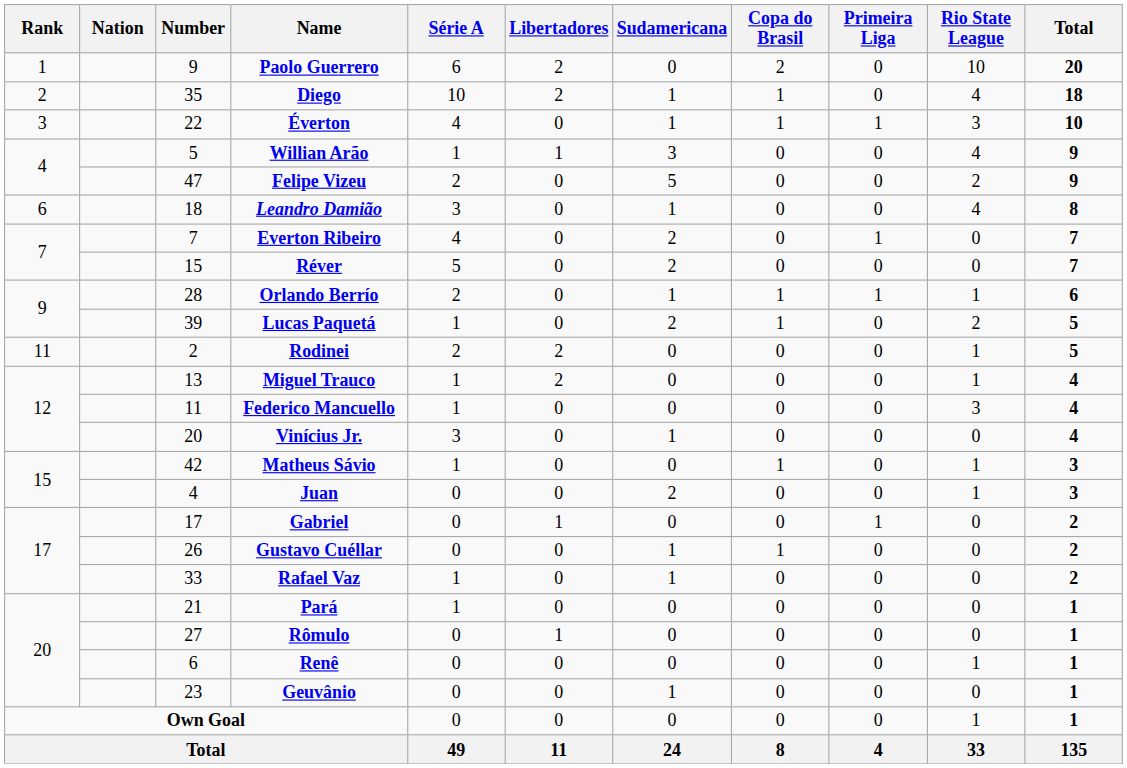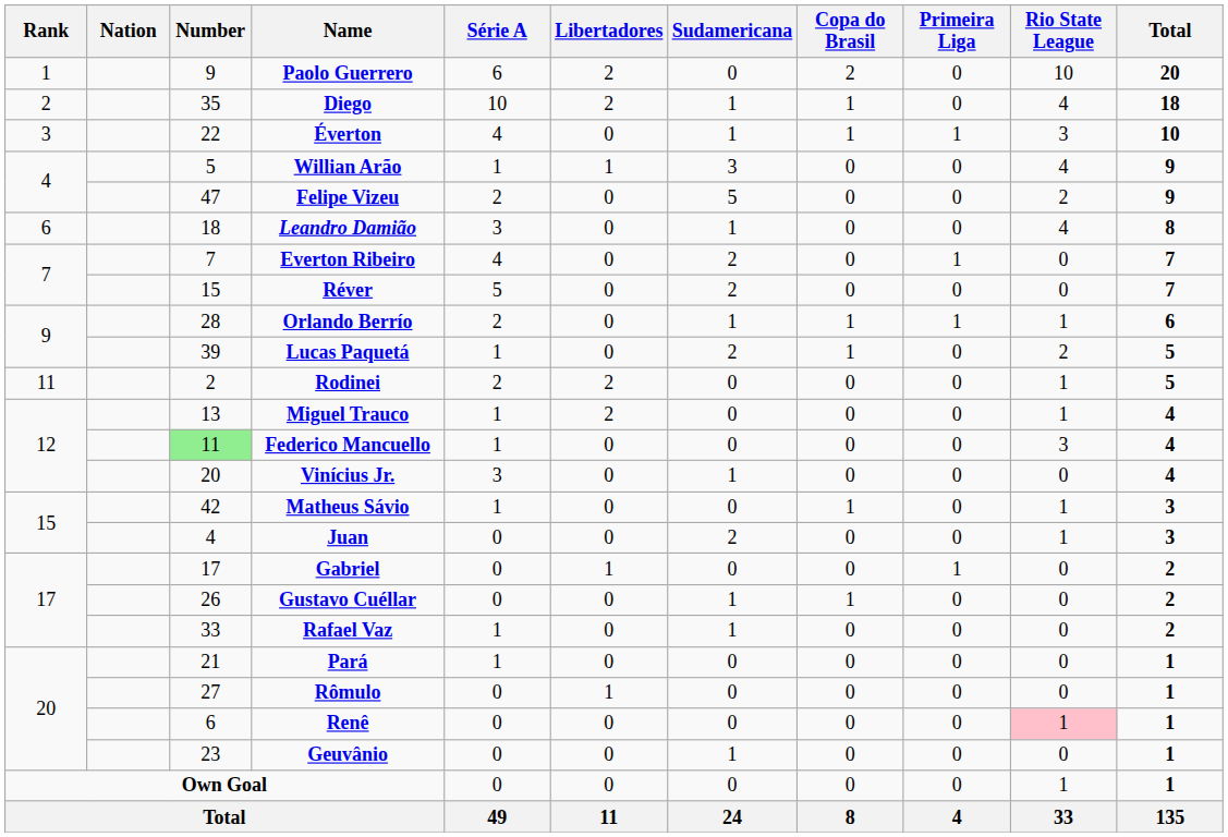 <table class="wikitable plainrowheaders sortable" style="text-align:center">
 <tr>
 <th scope="col" ! style="width:60px;">Rank</th>
 <th scope="col" ! style="width:60px;">Nation</th>
 <th scope="col" ! style="width:60px;">Number</th>
 <th scope="col" ! style="width:150px;">Name</th>
 <th scope="col" ! style="width:80px;"><a href='#'>Série A</a></th>
 <th scope="col" ! style="width:80px;"><a href='#'>Libertadores</a></th>
 <th scope="col" ! style="width:80px;"><a href='#'>Sudamericana</a></th>
 <th scope="col" ! style="width:80px;"><a href='#'>Copa do Brasil</a></th>
 <th scope="col" ! style="width:80px;"><a href='#'>Primeira Liga</a></th>
 <th scope="col" ! style="width:80px;"><a href='#'>Rio State League</a></th>
 <th scope="col" ! style="width:80px;">Total</th>
 </tr>
 <tr>
 <td>1</td>
 <td></td>
 <td>9</td>
 <td><strong><a href='#'>Paolo Guerrero</a></strong></td>
 <td>6</td>
 <td>2</td>
 <td>0</td>
 <td>2</td>
 <td>0</td>
 <td>10</td>
 <td><strong>20</strong></td>
 </tr>
 <tr>
 <td>2</td>
 <td></td>
 <td>35</td>
 <td><strong><a href='#'>Diego</a></strong></td>
 <td>10</td>
 <td>2</td>
 <td>1</td>
 <td>1</td>
 <td>0</td>
 <td>4</td>
 <td><strong>18</strong></td>
 </tr>
 <tr>
 <td>3</td>
 <td></td>
 <td>22</td>
 <td><strong><a href='#'>Éverton</a></strong></td>
 <td>4</td>
 <td>0</td>
 <td>1</td>
 <td>1</td>
 <td>1</td>
 <td>3</td>
 <td><strong>10</strong></td>
 </tr>
 <tr>
 <td rowspan="2">4</td>
 <td></td>
 <td>5</td>
 <td><strong><a href='#'>Willian Arão</a></strong></td>
 <td>1</td>
 <td>1</td>
 <td>3</td>
 <td>0</td>
 <td>0</td>
 <td>4</td>
 <td><strong>9</strong></td>
 </tr>
 <tr>
 <td></td>
 <td>47</td>
 <td><strong><a href='#'>Felipe Vizeu</a></strong></td>
 <td>2</td>
 <td>0</td>
 <td>5</td>
 <td>0</td>
 <td>0</td>
 <td>2</td>
 <td><strong>9</strong></td>
 </tr>
 <tr>
 <td rowspan="1">6</td>
 <td></td>
 <td>18</td>
 <td><strong><em><a href='#'>Leandro Damião</a></em></strong></td>
 <td>3</td>
 <td>0</td>
 <td>1</td>
 <td>0</td>
 <td>0</td>
 <td>4</td>
 <td><strong>8</strong></td>
 </tr>
 <tr>
 <td rowspan="2">7</td>
 <td></td>
 <td>7</td>
 <td><strong><a href='#'>Everton Ribeiro</a></strong></td>
 <td>4</td>
 <td>0</td>
 <td>2</td>
 <td>0</td>
 <td>1</td>
 <td>0</td>
 <td><strong>7</strong></td>
 </tr>
 <tr>
 <td></td>
 <td>15</td>
 <td><strong><a href='#'>Réver</a></strong></td>
 <td>5</td>
 <td>0</td>
 <td>2</td>
 <td>0</td>
 <td>0</td>
 <td>0</td>
 <td><strong>7</strong></td>
 </tr>
 <tr>
 <td rowspan="2">9</td>
 <td></td>
 <td>28</td>
 <td><strong><a href='#'>Orlando Berrío</a></strong></td>
 <td>2</td>
 <td>0</td>
 <td>1</td>
 <td>1</td>
 <td>1</td>
 <td>1</td>
 <td><strong>6</strong></td>
 </tr>
 <tr>
 <td></td>
 <td>39</td>
 <td><strong><a href='#'>Lucas Paquetá</a></strong></td>
 <td>1</td>
 <td>0</td>
 <td>2</td>
 <td>1</td>
 <td>0</td>
 <td>2</td>
 <td><strong>5</strong></td>
 </tr>
 <tr>
 <td rowspan="1">11</td>
 <td></td>
 <td>2</td>
 <td><strong><a href='#'>Rodinei</a></strong></td>
 <td>2</td>
 <td>2</td>
 <td>0</td>
 <td>0</td>
 <td>0</td>
 <td>1</td>
 <td><strong>5</strong></td>
 </tr>
 <tr>
 <td rowspan="3">12</td>
 <td></td>
 <td>13</td>
 <td><strong><a href='#'>Miguel Trauco</a></strong></td>
 <td>1</td>
 <td>2</td>
 <td>0</td>
 <td>0</td>
 <td>0</td>
 <td>1</td>
 <td><strong>4</strong></td>
 </tr>
 <tr>
 <td></td>
-<td>11</td>
+<td style="background: lightgreen;">11</td>
 <td><strong><a href='#'>Federico Mancuello</a></strong></td>
 <td>1</td>
 <td>0</td>
 <td>0</td>
 <td>0</td>
 <td>0</td>
 <td>3</td>
 <td><strong>4</strong></td>
 </tr>
 <tr>
 <td></td>
 <td>20</td>
 <td><strong><a href='#'>Vinícius Jr.</a></strong></td>
 <td>3</td>
 <td>0</td>
 <td>1</td>
 <td>0</td>
 <td>0</td>
 <td>0</td>
 <td><strong>4</strong></td>
 </tr>
 <tr>
 <td rowspan="2">15</td>
 <td></td>
 <td>42</td>
 <td><strong><a href='#'>Matheus Sávio</a></strong></td>
 <td>1</td>
 <td>0</td>
 <td>0</td>
 <td>1</td>
 <td>0</td>
 <td>1</td>
 <td><strong>3</strong></td>
 </tr>
 <tr>
 <td></td>
 <td>4</td>
 <td><strong><a href='#'>Juan</a></strong></td>
 <td>0</td>
 <td>0</td>
 <td>2</td>
 <td>0</td>
 <td>0</td>
 <td>1</td>
 <td><strong>3</strong></td>
 </tr>
 <tr>
 <td rowspan=3>17</td>
 <td></td>
 <td>17</td>
 <td><strong><a href='#'>Gabriel</a></strong></td>
 <td>0</td>
 <td>1</td>
 <td>0</td>
 <td>0</td>
 <td>1</td>
 <td>0</td>
 <td><strong>2</strong></td>
 </tr>
 <tr>
 <td></td>
 <td>26</td>
 <td><strong><a href='#'>Gustavo Cuéllar</a></strong></td>
 <td>0</td>
 <td>0</td>
 <td>1</td>
 <td>1</td>
 <td>0</td>
 <td>0</td>
 <td><strong>2</strong></td>
 </tr>
 <tr>
 <td></td>
 <td>33</td>
 <td><strong><a href='#'>Rafael Vaz</a></strong></td>
 <td>1</td>
 <td>0</td>
 <td>1</td>
 <td>0</td>
 <td>0</td>
 <td>0</td>
 <td><strong>2</strong></td>
 </tr>
 <tr>
 <td rowspan=4>20</td>
 <td></td>
 <td>21</td>
 <td><strong><a href='#'>Pará</a></strong></td>
 <td>1</td>
 <td>0</td>
 <td>0</td>
 <td>0</td>
 <td>0</td>
 <td>0</td>
 <td><strong>1</strong></td>
 </tr>
 <tr>
 <td></td>
 <td>27</td>
 <td><strong><a href='#'>Rômulo</a></strong></td>
 <td>0</td>
 <td>1</td>
 <td>0</td>
 <td>0</td>
 <td>0</td>
 <td>0</td>
 <td><strong>1</strong></td>
 </tr>
 <tr>
 <td></td>
 <td>6</td>
 <td><strong><a href='#'>Renê</a></strong></td>
 <td>0</td>
 <td>0</td>
 <td>0</td>
 <td>0</td>
 <td>0</td>
-<td>1</td>
+<td style="background: pink;">1</td>
 <td><strong>1</strong></td>
 </tr>
 <tr>
 <td></td>
 <td>23</td>
 <td><strong><a href='#'>Geuvânio</a></strong></td>
 <td>0</td>
 <td>0</td>
 <td>1</td>
 <td>0</td>
 <td>0</td>
 <td>0</td>
 <td><strong>1</strong></td>
 </tr>
 <tr>
 <td colspan=4><strong>Own Goal</strong></td>
 <td>0</td>
 <td>0</td>
 <td>0</td>
 <td>0</td>
 <td>0</td>
 <td>1</td>
 <td><strong>1</strong></td>
 </tr>
 <tr>
 <th colspan=4>Total</th>
 <th>49</th>
 <th>11</th>
 <th>24</th>
 <th>8</th>
 <th>4</th>
 <th>33</th>
 <th>135</th>
 </tr>
 </table>
